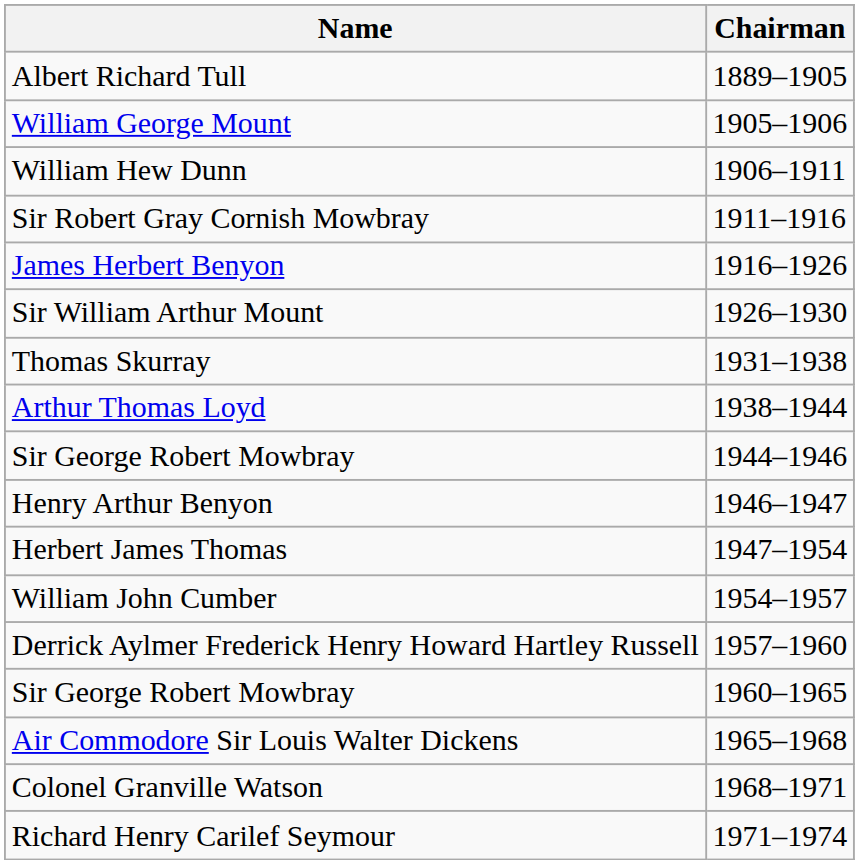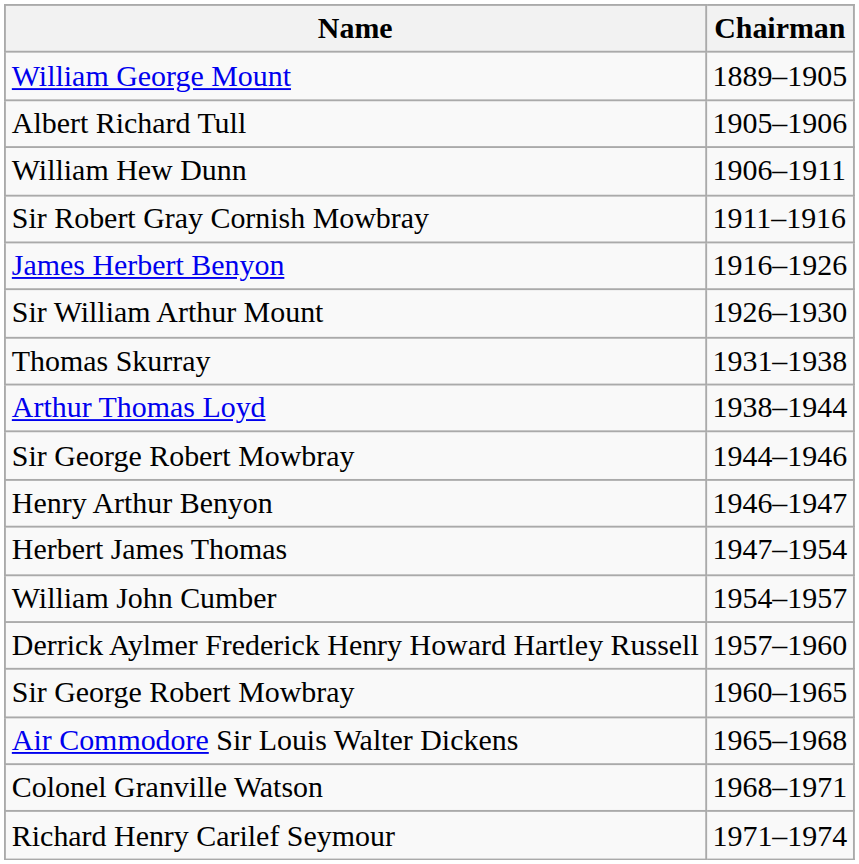 <table class="wikitable">
 <tr>
 <th>Name</th>
 <th>Chairman</th>
 </tr>
 <tr>
-<td>Albert Richard Tull</td>
+<td><a href='#'>William George Mount</a> </td>
 <td>1889–1905</td>
 </tr>
 <tr>
-<td><a href='#'>William George Mount</a> </td>
+<td>Albert Richard Tull</td>
 <td>1905–1906</td>
 </tr>
 <tr>
 <td>William Hew Dunn</td>
 <td>1906–1911</td>
 </tr>
 <tr>
 <td>Sir Robert Gray Cornish Mowbray</td>
 <td>1911–1916</td>
 </tr>
 <tr>
 <td><a href='#'>James Herbert Benyon</a></td>
 <td>1916–1926</td>
 </tr>
 <tr>
 <td>Sir William Arthur Mount</td>
 <td>1926–1930</td>
 </tr>
 <tr>
 <td>Thomas Skurray</td>
 <td>1931–1938</td>
 </tr>
 <tr>
 <td><a href='#'>Arthur Thomas Loyd</a></td>
 <td>1938–1944</td>
 </tr>
 <tr>
 <td>Sir George Robert Mowbray </td>
 <td>1944–1946</td>
 </tr>
 <tr>
 <td>Henry Arthur Benyon</td>
 <td>1946–1947</td>
 </tr>
 <tr>
 <td>Herbert James Thomas</td>
 <td>1947–1954</td>
 </tr>
 <tr>
 <td>William John Cumber</td>
 <td>1954–1957</td>
 </tr>
 <tr>
 <td>Derrick Aylmer Frederick Henry Howard Hartley Russell</td>
 <td>1957–1960</td>
 </tr>
 <tr>
 <td>Sir George Robert Mowbray </td>
 <td>1960–1965</td>
 </tr>
 <tr>
 <td><a href='#'>Air Commodore</a> Sir Louis Walter Dickens </td>
 <td>1965–1968</td>
 </tr>
 <tr>
 <td>Colonel Granville Watson</td>
 <td>1968–1971</td>
 </tr>
 <tr>
 <td>Richard Henry Carilef Seymour</td>
 <td>1971–1974</td>
 </tr>
 </table>
